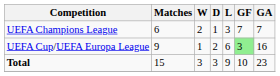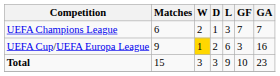 <table class="wikitable">
 <tr>
 <th>Competition</th>
 <th>Matches</th>
 <th>W</th>
 <th>D</th>
 <th>L</th>
 <th>GF</th>
 <th>GA</th>
 </tr>
 <tr>
 <td><a href='#'>UEFA Champions League</a></td>
 <td>6</td>
 <td>2</td>
 <td>1</td>
 <td>3</td>
 <td>7</td>
 <td>7</td>
 </tr>
 <tr>
 <td><a href='#'>UEFA Cup</a>/<a href='#'>UEFA Europa League</a></td>
 <td>9</td>
-<td>1</td>
+<td style="background: gold;">1</td>
 <td>2</td>
 <td>6</td>
-<td style="background: lightgreen;">3</td>
+<td>3</td>
 <td>16</td>
 </tr>
 <tr>
 <td><strong>Total</strong></td>
 <td>15</td>
 <td>3</td>
 <td>3</td>
 <td>9</td>
 <td>10</td>
 <td>23</td>
 </tr>
 <tr>
 </tr>
 </table>
